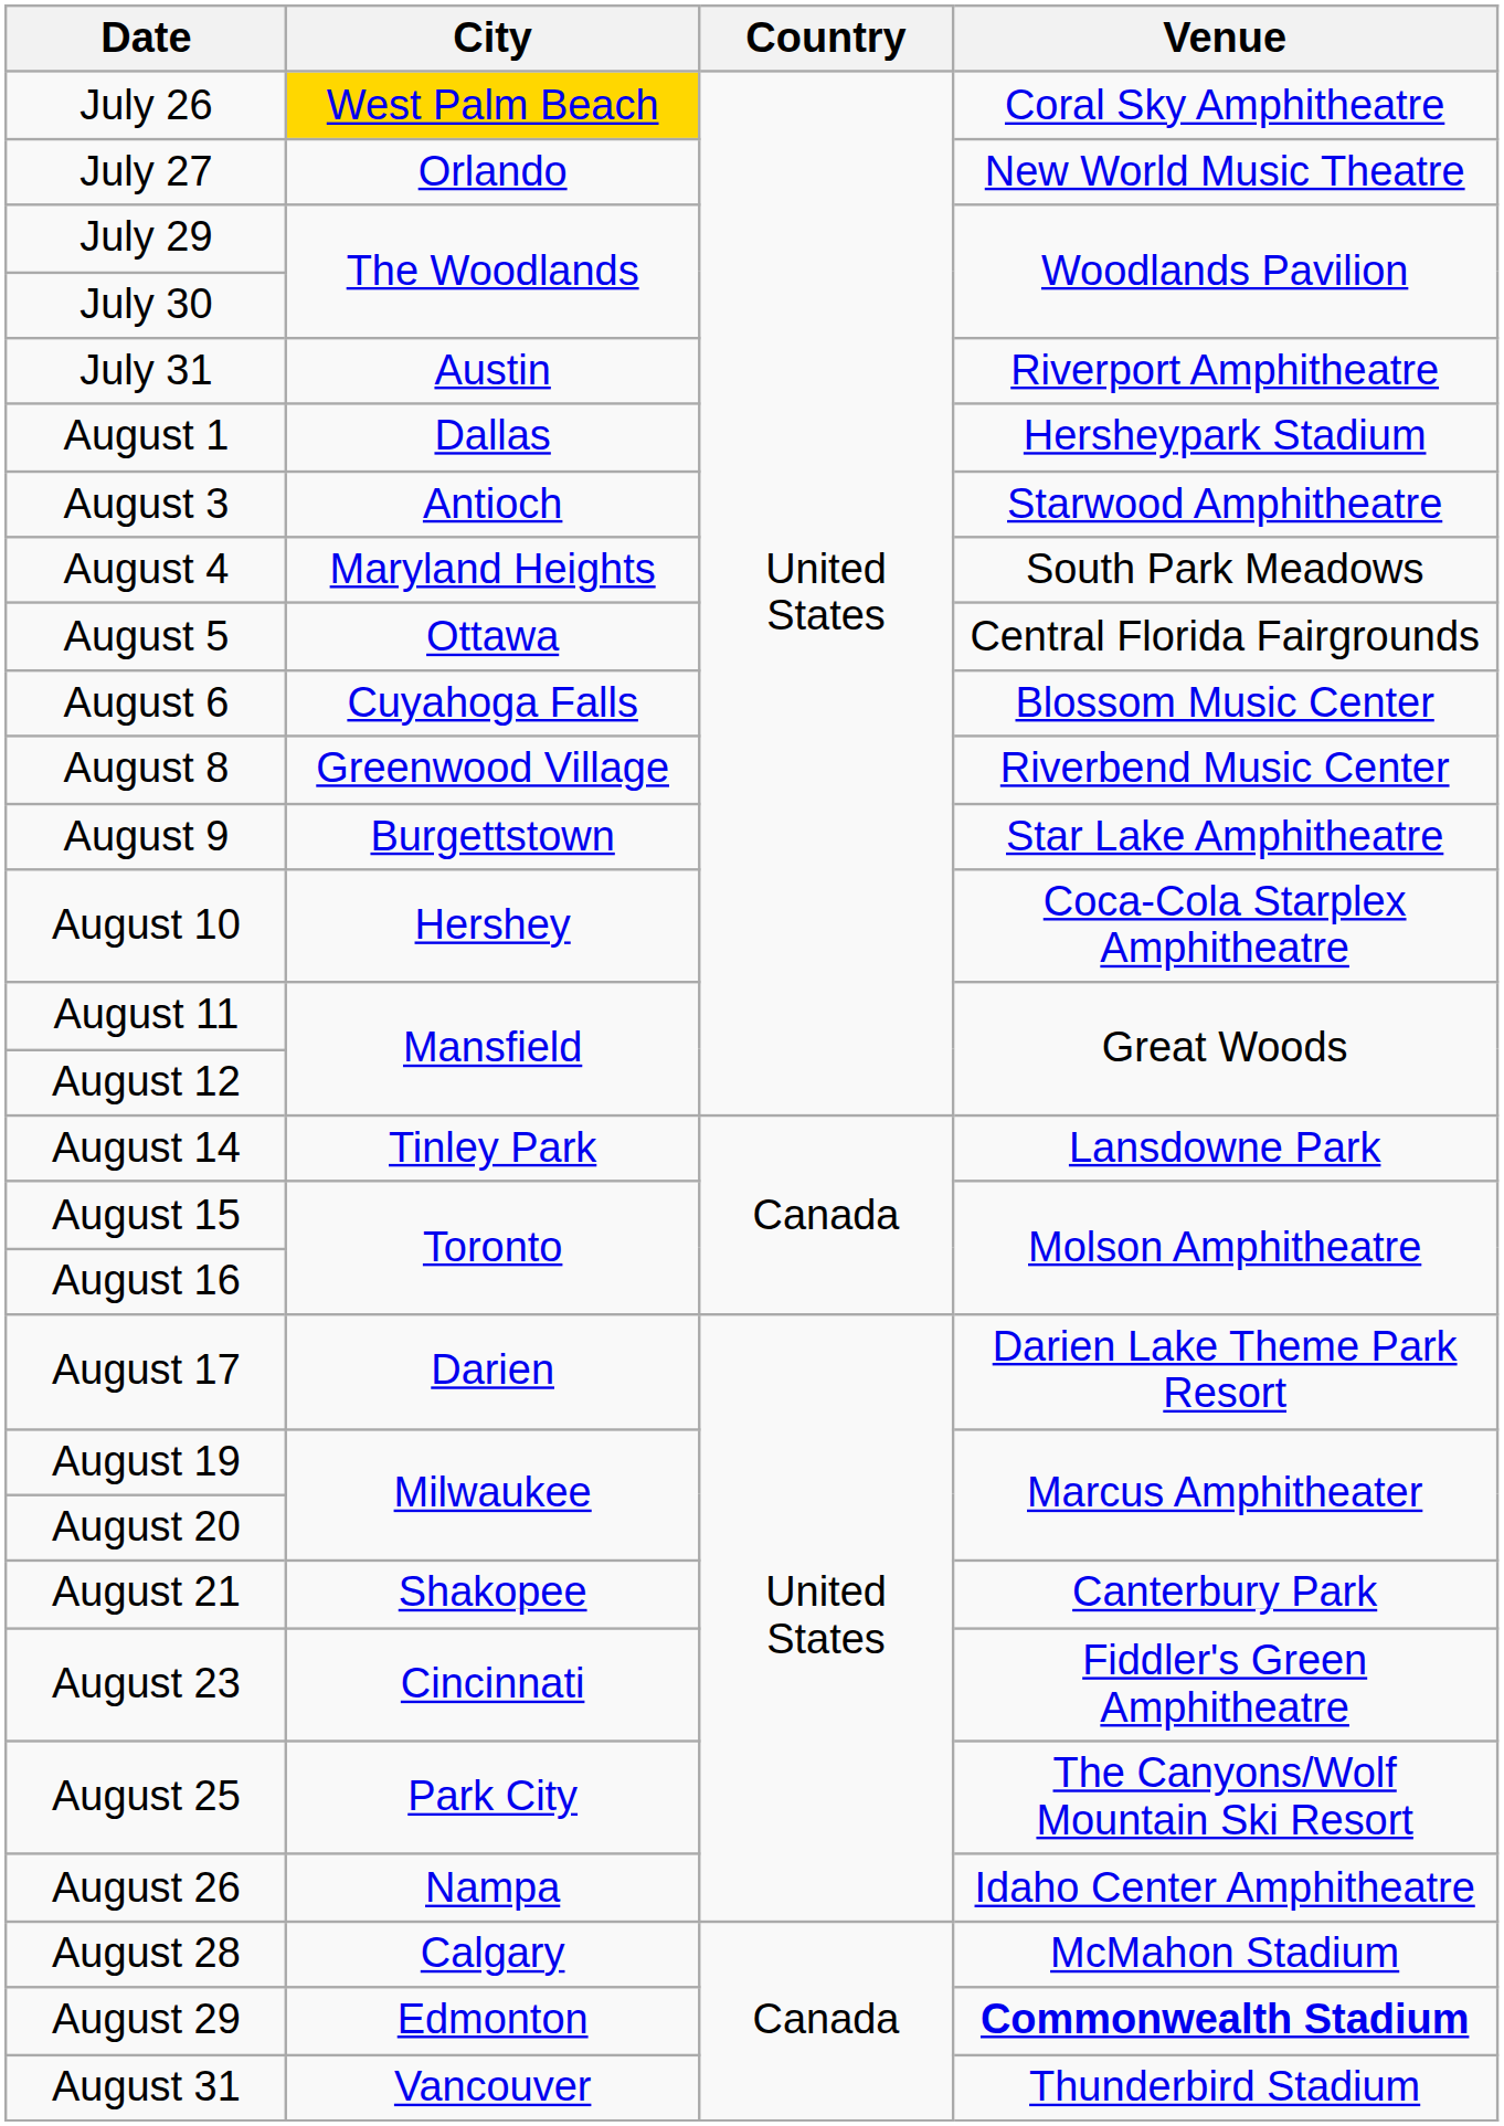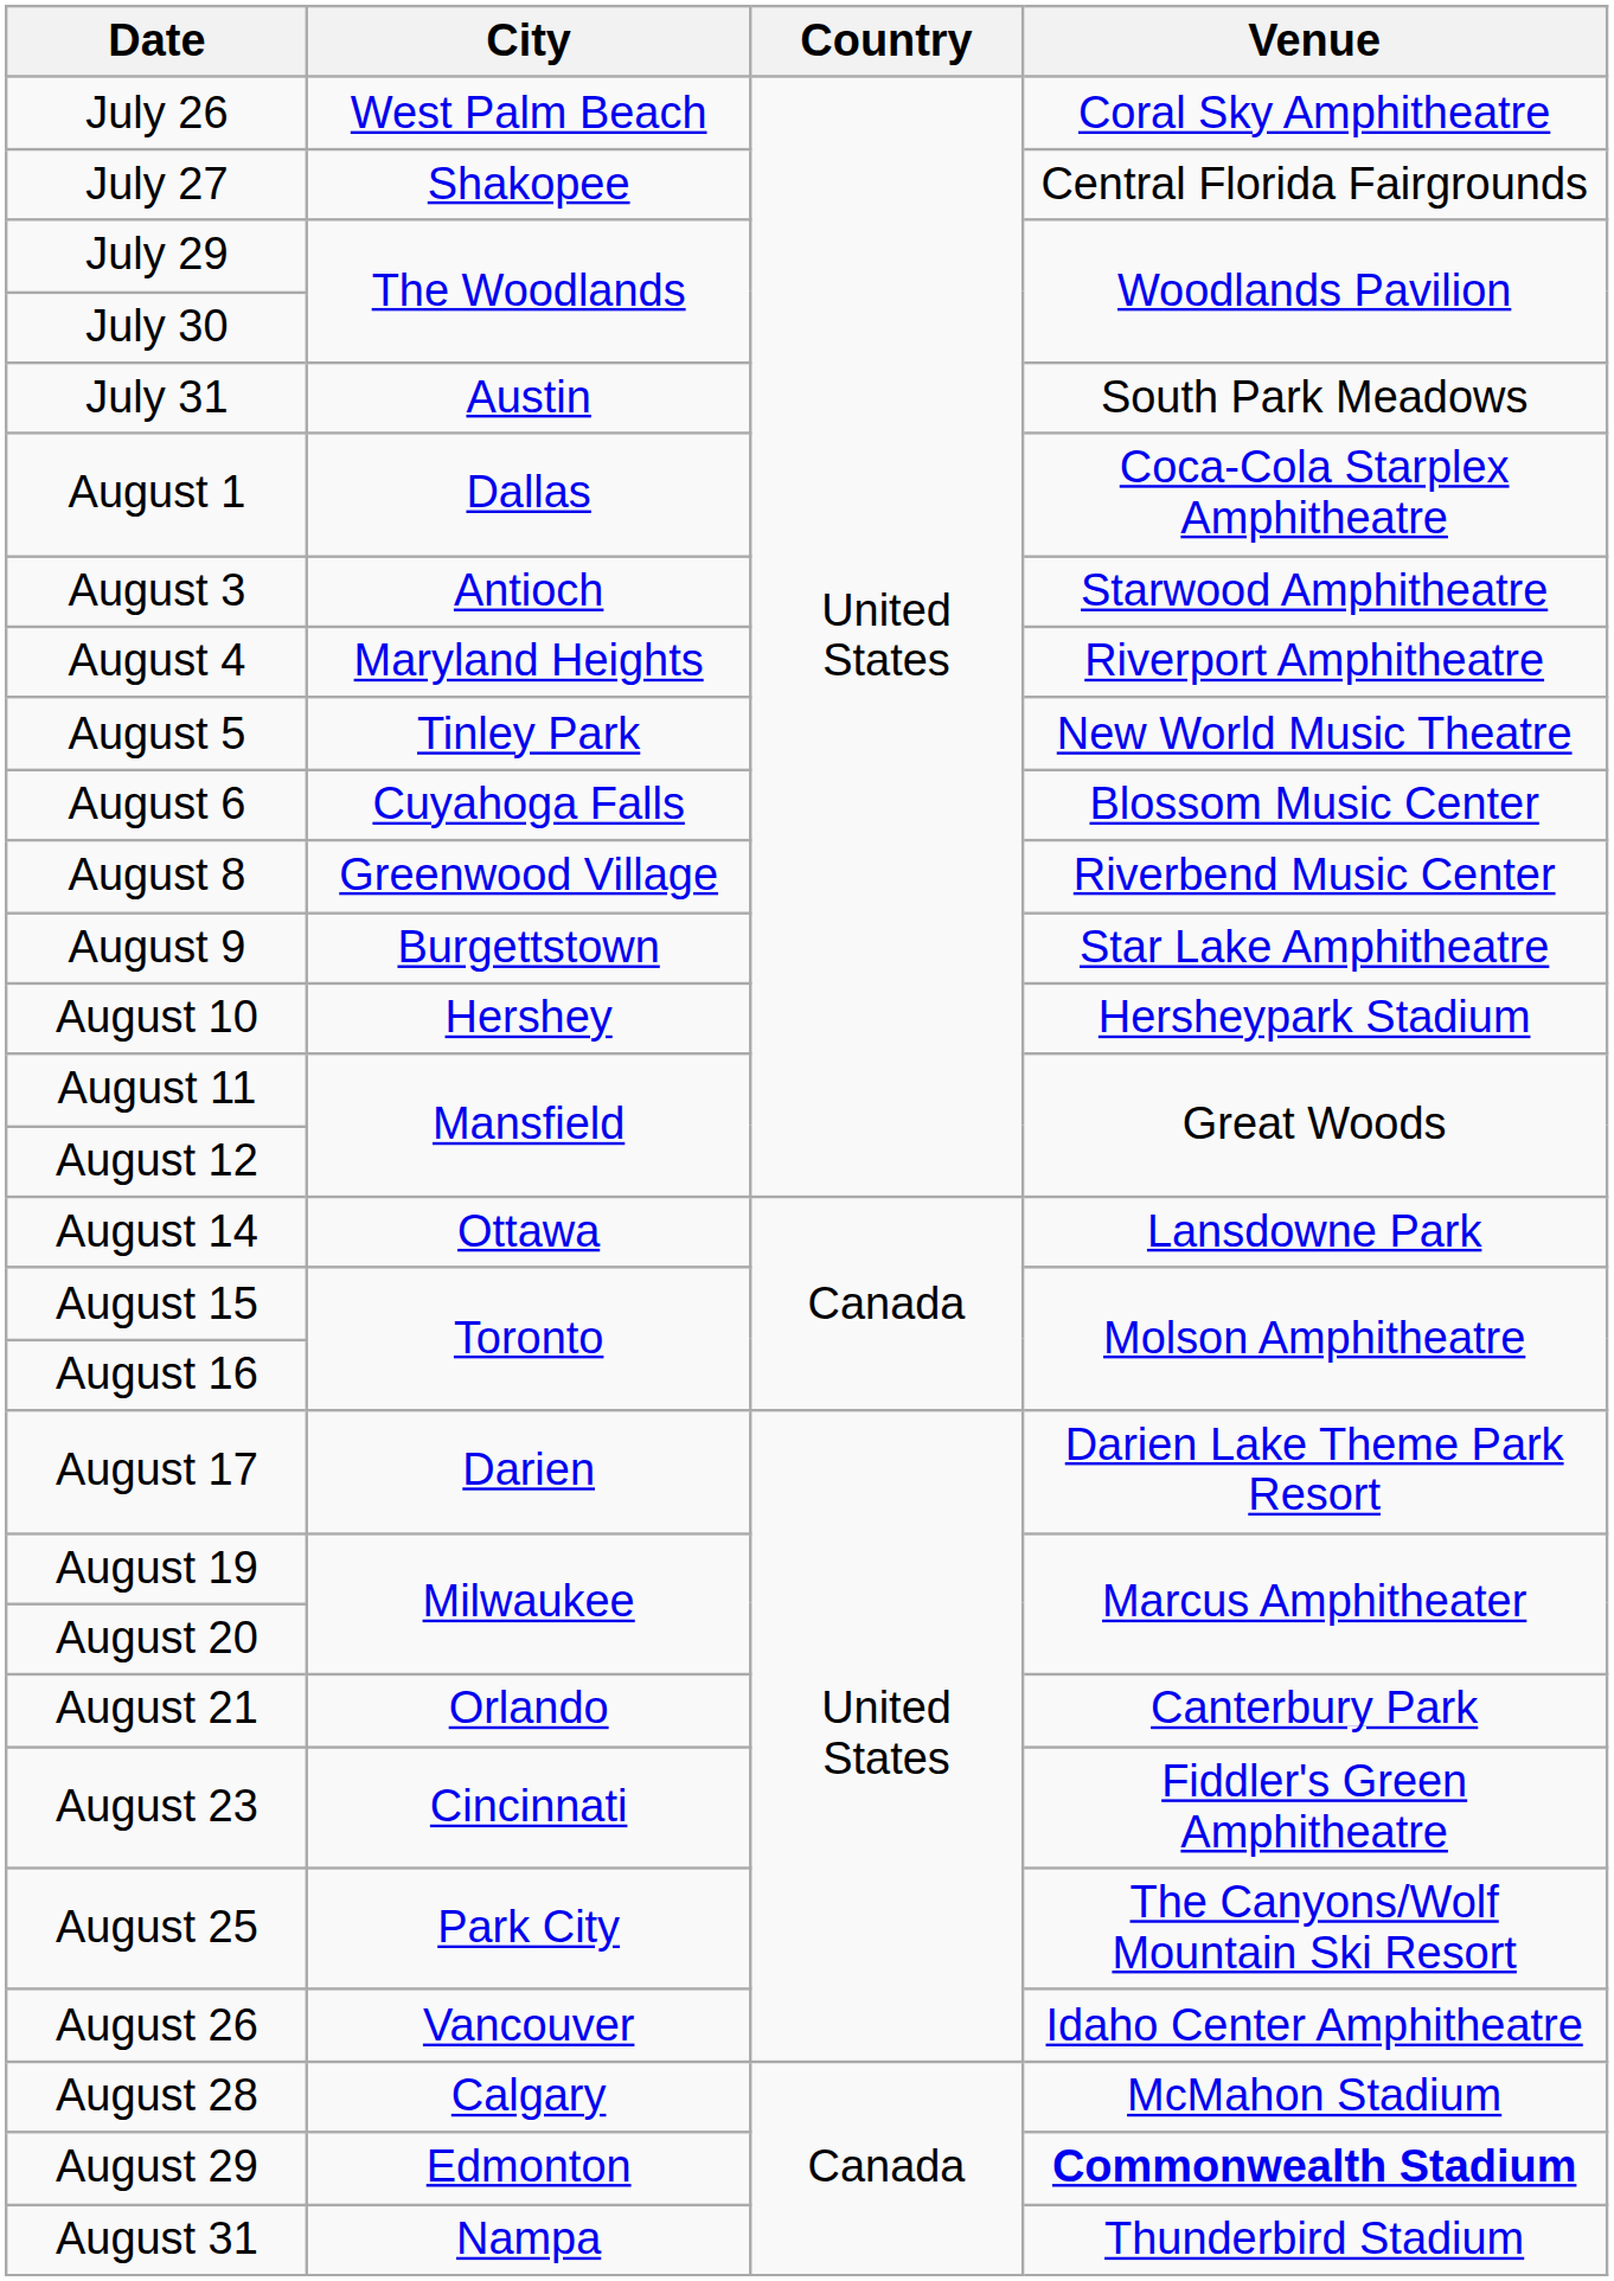 <table class="wikitable" style="text-align:center;">
 <tr>
 <th style="width:100px;">Date</th>
 <th style="width:150px;">City</th>
 <th style="width:90px;">Country</th>
 <th style="width:200px;">Venue</th>
 </tr>
 <tr>
 <td>July 26</td>
-<td style="background: gold;"><a href='#'>West Palm Beach</a></td>
+<td><a href='#'>West Palm Beach</a></td>
 <td rowspan="15">United States</td>
 <td><a href='#'>Coral Sky Amphitheatre</a></td>
 </tr>
 <tr>
 <td>July 27</td>
-<td><a href='#'>Orlando</a></td>
-<td><a href='#'>New World Music Theatre</a></td>
+<td><a href='#'>Shakopee</a></td>
+<td>Central Florida Fairgrounds</td>
 </tr>
 <tr>
 <td>July 29</td>
 <td rowspan="2"><a href='#'>The Woodlands</a></td>
 <td rowspan="2"><a href='#'>Woodlands Pavilion</a></td>
 </tr>
 <tr>
 <td>July 30</td>
 </tr>
 <tr>
 <td>July 31</td>
 <td><a href='#'>Austin</a></td>
-<td><a href='#'>Riverport Amphitheatre</a></td>
+<td>South Park Meadows</td>
 </tr>
 <tr>
 <td>August 1</td>
 <td><a href='#'>Dallas</a></td>
-<td><a href='#'>Hersheypark Stadium</a></td>
+<td><a href='#'>Coca-Cola Starplex Amphitheatre</a></td>
 </tr>
 <tr>
 <td>August 3</td>
 <td><a href='#'>Antioch</a></td>
 <td><a href='#'>Starwood Amphitheatre</a></td>
 </tr>
 <tr>
 <td>August 4</td>
 <td><a href='#'>Maryland Heights</a></td>
-<td>South Park Meadows</td>
+<td><a href='#'>Riverport Amphitheatre</a></td>
 </tr>
 <tr>
 <td>August 5</td>
-<td><a href='#'>Ottawa</a></td>
-<td>Central Florida Fairgrounds</td>
+<td><a href='#'>Tinley Park</a></td>
+<td><a href='#'>New World Music Theatre</a></td>
 </tr>
 <tr>
 <td>August 6</td>
 <td><a href='#'>Cuyahoga Falls</a></td>
 <td><a href='#'>Blossom Music Center</a></td>
 </tr>
 <tr>
 <td>August 8</td>
 <td><a href='#'>Greenwood Village</a></td>
 <td><a href='#'>Riverbend Music Center</a></td>
 </tr>
 <tr>
 <td>August 9</td>
 <td><a href='#'>Burgettstown</a></td>
 <td><a href='#'>Star Lake Amphitheatre</a></td>
 </tr>
 <tr>
 <td>August 10</td>
 <td><a href='#'>Hershey</a></td>
-<td><a href='#'>Coca-Cola Starplex Amphitheatre</a></td>
+<td><a href='#'>Hersheypark Stadium</a></td>
 </tr>
 <tr>
 <td>August 11</td>
 <td rowspan="2"><a href='#'>Mansfield</a></td>
 <td rowspan="2">Great Woods</td>
 </tr>
 <tr>
 <td>August 12</td>
 </tr>
 <tr>
 <td>August 14</td>
-<td><a href='#'>Tinley Park</a></td>
+<td><a href='#'>Ottawa</a></td>
 <td rowspan="3">Canada</td>
 <td><a href='#'>Lansdowne Park</a></td>
 </tr>
 <tr>
 <td>August 15</td>
 <td rowspan="2"><a href='#'>Toronto</a></td>
 <td rowspan="2"><a href='#'>Molson Amphitheatre</a></td>
 </tr>
 <tr>
 <td>August 16</td>
 </tr>
 <tr>
 <td>August 17</td>
 <td><a href='#'>Darien</a></td>
 <td rowspan="7">United States</td>
 <td><a href='#'>Darien Lake Theme Park Resort</a></td>
 </tr>
 <tr>
 <td>August 19</td>
 <td rowspan="2"><a href='#'>Milwaukee</a></td>
 <td rowspan="2"><a href='#'>Marcus Amphitheater</a></td>
 </tr>
 <tr>
 <td>August 20</td>
 </tr>
 <tr>
 <td>August 21</td>
-<td><a href='#'>Shakopee</a></td>
+<td><a href='#'>Orlando</a></td>
 <td><a href='#'>Canterbury Park</a></td>
 </tr>
 <tr>
 <td>August 23</td>
 <td><a href='#'>Cincinnati</a></td>
 <td><a href='#'>Fiddler's Green Amphitheatre</a></td>
 </tr>
 <tr>
 <td>August 25</td>
 <td><a href='#'>Park City</a></td>
 <td><a href='#'>The Canyons/Wolf Mountain Ski Resort</a></td>
 </tr>
 <tr>
 <td>August 26</td>
-<td><a href='#'>Nampa</a></td>
+<td><a href='#'>Vancouver</a></td>
 <td><a href='#'>Idaho Center Amphitheatre</a></td>
 </tr>
 <tr>
 <td>August 28</td>
 <td><a href='#'>Calgary</a></td>
 <td rowspan="3">Canada</td>
 <td><a href='#'>McMahon Stadium</a></td>
 </tr>
 <tr>
 <td>August 29</td>
 <td><a href='#'>Edmonton</a></td>
 <td><strong><a href='#'>Commonwealth Stadium</a></strong></td>
 </tr>
 <tr>
 <td>August 31</td>
-<td><a href='#'>Vancouver</a></td>
+<td><a href='#'>Nampa</a></td>
 <td><a href='#'>Thunderbird Stadium</a></td>
 </tr>
 </table>
